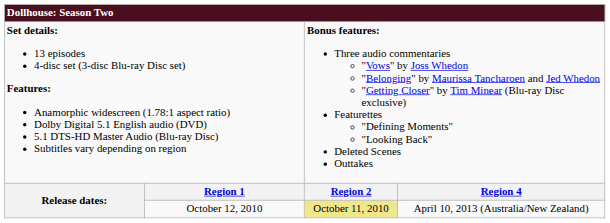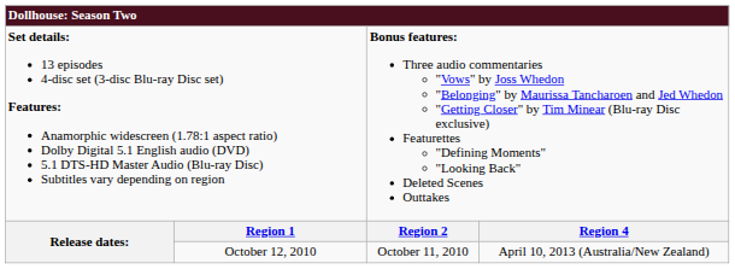 <table class="wikitable" style="width:100%;">
 <tr>
 <td colspan="5" style="background:#490f1e; color:white;"><strong>Dollhouse: Season Two</strong></td>
 </tr>
 <tr>
 <td colspan="2" style="vertical-align:top; width:50%;"><strong>Set details:</strong><br><ul><li>13 episodes</li><li>4-disc set (3-disc Blu-ray Disc set)</li></ul><strong>Features:</strong><ul><li>Anamorphic widescreen (1.78:1 aspect ratio)</li><li>Dolby Digital 5.1 English audio (DVD)</li><li>5.1 DTS-HD Master Audio (Blu-ray Disc)</li><li>Subtitles vary depending on region</li></ul></td>
 <td colspan="3" style="vertical-align:top;"><strong>Bonus features:</strong><br><ul><li>Three audio commentaries<ul><li>"<a href='#'>Vows</a>" by <a href='#'>Joss Whedon</a></li><li>"<a href='#'>Belonging</a>" by <a href='#'>Maurissa Tancharoen</a> and <a href='#'>Jed Whedon</a></li><li>"<a href='#'>Getting Closer</a>" by <a href='#'>Tim Minear</a> (Blu-ray Disc exclusive)</li></ul></li><li>Featurettes<ul><li>"Defining Moments"</li><li>"Looking Back"</li></ul></li><li>Deleted Scenes</li><li>Outtakes</li></ul></td>
 </tr>
 <tr>
 <th rowspan="2">Release dates:</th>
 <th><a href='#'>Region 1</a></th>
 <th><a href='#'>Region 2</a></th>
 <th><a href='#'>Region 4</a></th>
 </tr>
 <tr>
 <td style="text-align:center;">October 12, 2010</td>
-<td style="background: khaki; text-align:center;">October 11, 2010</td>
+<td style="text-align:center;">October 11, 2010</td>
 <td style="text-align:center;">April 10, 2013 (Australia/New Zealand)</td>
 </tr>
 </table>
